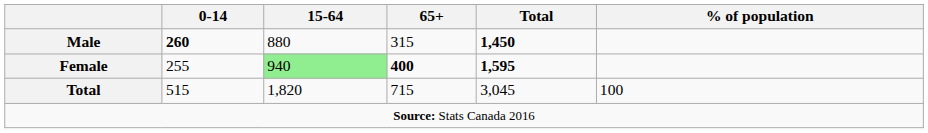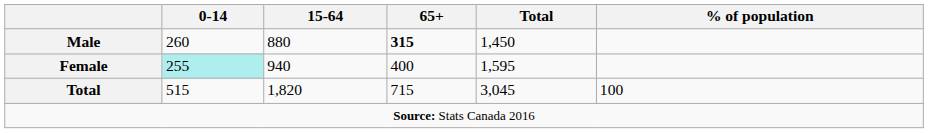 <table class="wikitable" style="width: 75%; margin: 0 auto 0 auto;">
 <tr>
 <th> </th>
 <th>0-14</th>
 <th>15-64</th>
 <th>65+</th>
 <th>Total</th>
 <th>% of population</th>
 </tr>
 <tr>
 <th>Male</th>
-<td><strong>260</strong></td>
+<td>260</td>
 <td>880</td>
-<td>315</td>
-<td><strong>1,450</strong></td>
+<td><strong>315</strong></td>
+<td>1,450</td>
 <td></td>
 </tr>
 <tr>
 <th>Female</th>
-<td>255</td>
-<td style="background: lightgreen;">940</td>
-<td><strong>400</strong></td>
-<td><strong>1,595</strong></td>
+<td style="background: paleturquoise;">255</td>
+<td>940</td>
+<td>400</td>
+<td>1,595</td>
 <td></td>
 </tr>
 <tr>
 <th>Total</th>
 <td>515</td>
 <td>1,820</td>
 <td>715</td>
 <td>3,045</td>
 <td>100</td>
 </tr>
 <tr>
 <td colspan="15" style="text-align: center;"><small><strong>Source:</strong> Stats Canada 2016</small> </td>
 </tr>
 </table>
